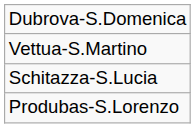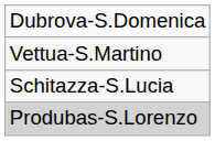 <table Class="wikitable">
 <tr>
 <td>Dubrova-S.Domenica</td>
 </tr>
 <tr>
 <td>Vettua-S.Martino</td>
 </tr>
 <tr>
 <td>Schitazza-S.Lucia</td>
 </tr>
 <tr>
-<td>Produbas-S.Lorenzo</td>
+<td style="background: lightgrey;">Produbas-S.Lorenzo</td>
 </tr>
 </table>
